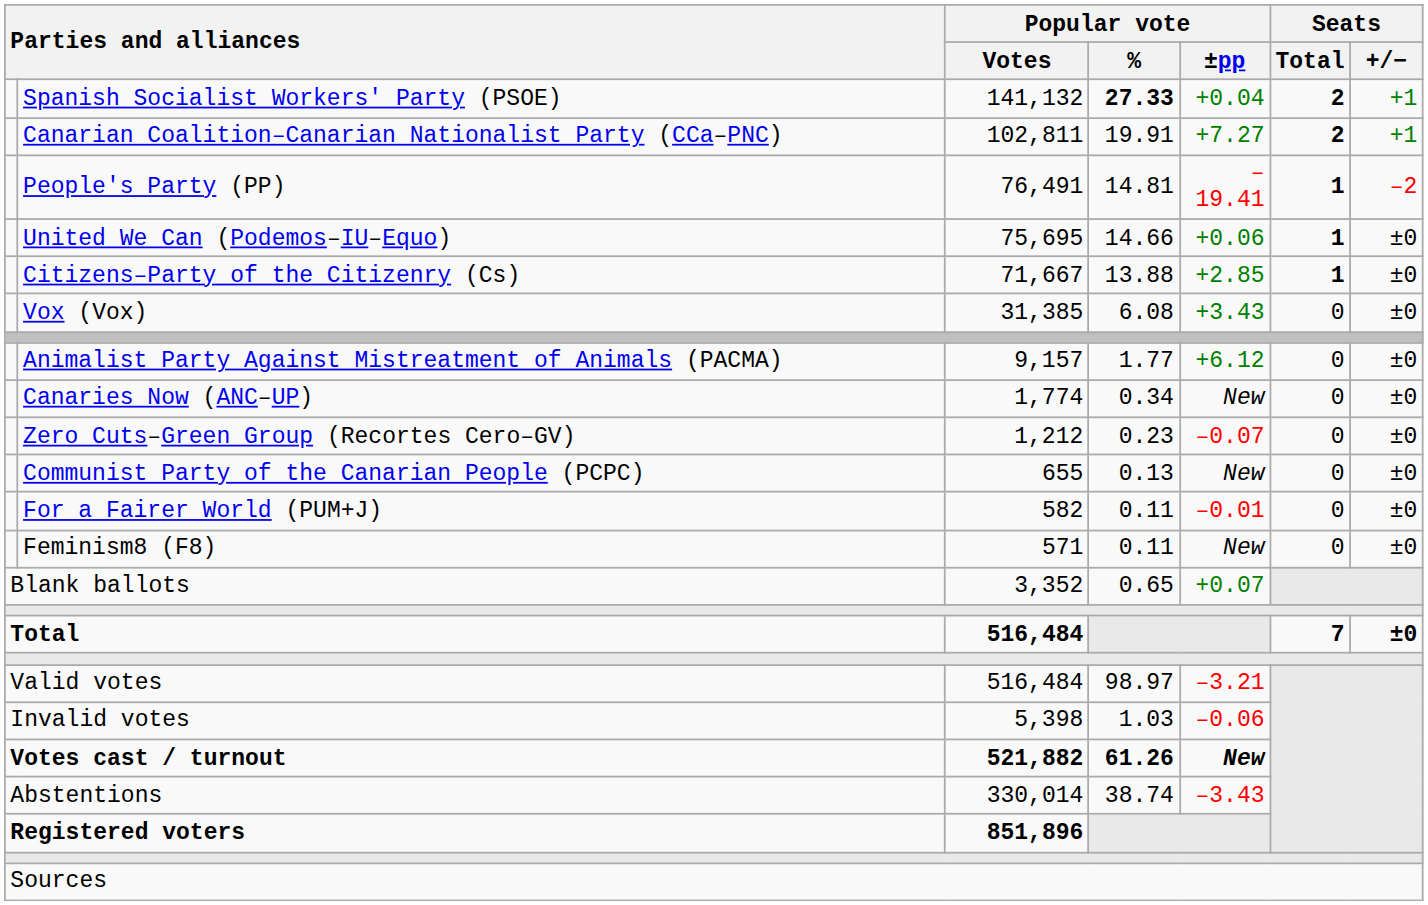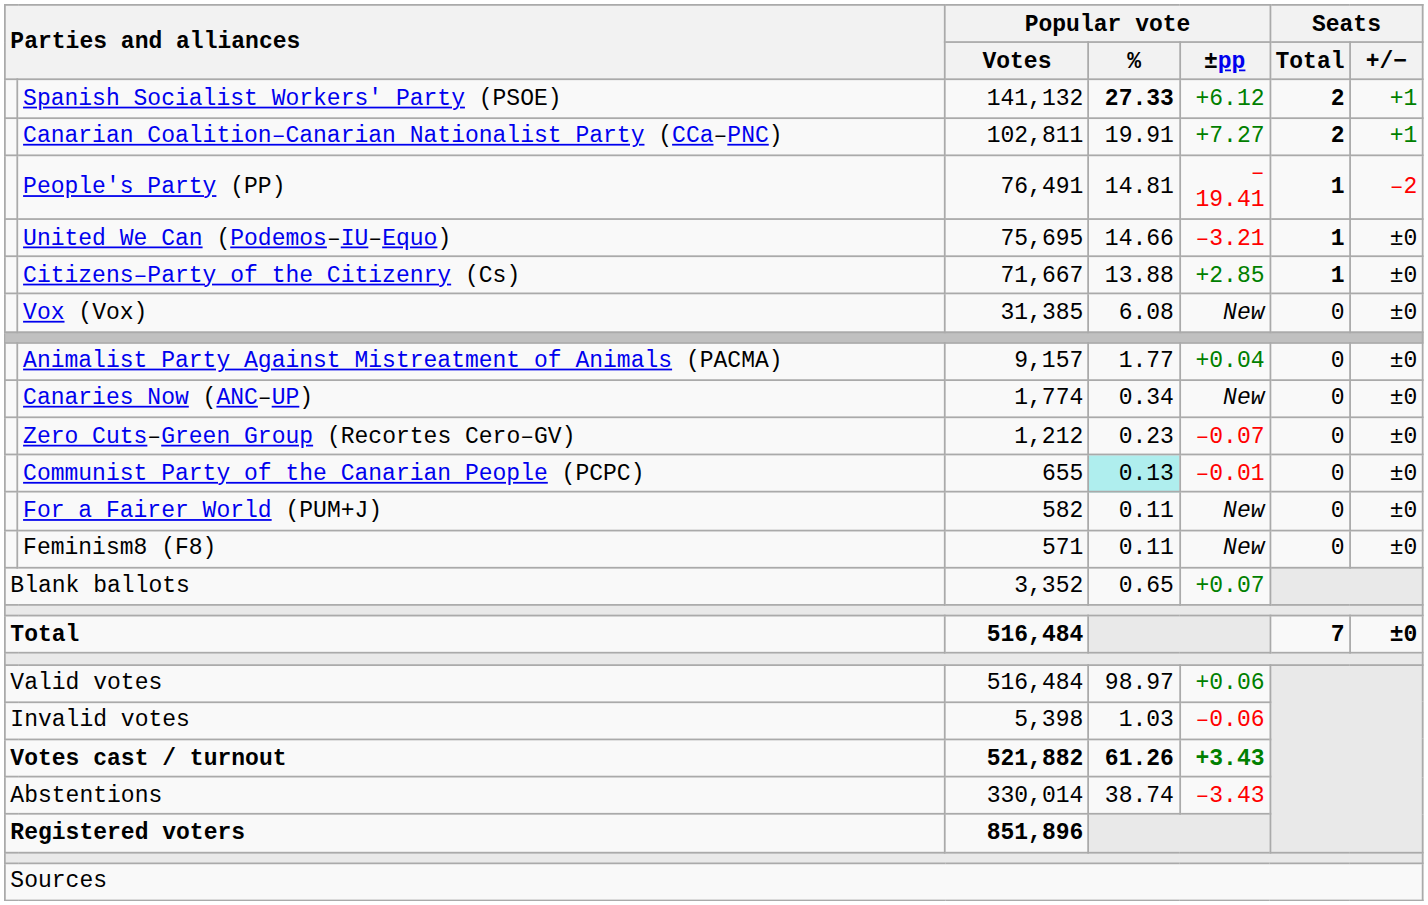 <table class="wikitable" style="text-align:right;">
 <tr>
 <th style="text-align:left;" rowspan="2" colspan="2" width="525">Parties and alliances</th>
 <th colspan="3">Popular vote</th>
 <th colspan="2">Seats</th>
 </tr>
 <tr>
 <th width="75">Votes</th>
 <th width="45">%</th>
 <th width="45">±<a href='#'>pp</a></th>
 <th width="35">Total</th>
 <th width="35">+/−</th>
 </tr>
 <tr>
 <td width="1" style="color:inherit;background:"></td>
 <td align="left"><a href='#'>Spanish Socialist Workers' Party</a> (PSOE)</td>
 <td>141,132</td>
 <td><strong>27.33</strong></td>
-<td style="color:green;">+0.04</td>
+<td style="color:green;">+6.12</td>
 <td><strong>2</strong></td>
 <td style="color:green;">+1</td>
 </tr>
 <tr>
 <td style="color:inherit;background:"></td>
 <td align="left"><a href='#'>Canarian Coalition–Canarian Nationalist Party</a> (<a href='#'>CCa</a>–<a href='#'>PNC</a>)</td>
 <td>102,811</td>
 <td>19.91</td>
 <td style="color:green;">+7.27</td>
 <td><strong>2</strong></td>
 <td style="color:green;">+1</td>
 </tr>
 <tr>
 <td style="color:inherit;background:"></td>
 <td align="left"><a href='#'>People's Party</a> (PP)</td>
 <td>76,491</td>
 <td>14.81</td>
 <td style="color:red;">–19.41</td>
 <td><strong>1</strong></td>
 <td style="color:red;">–2</td>
 </tr>
 <tr>
 <td style="color:inherit;background:"></td>
 <td align="left"><a href='#'>United We Can</a> (<a href='#'>Podemos</a>–<a href='#'>IU</a>–<a href='#'>Equo</a>)</td>
 <td>75,695</td>
 <td>14.66</td>
-<td style="color:green;">+0.06</td>
+<td style="color:red;">–3.21</td>
 <td><strong>1</strong></td>
 <td>±0</td>
 </tr>
 <tr>
 <td style="color:inherit;background:"></td>
 <td align="left"><a href='#'>Citizens–Party of the Citizenry</a> (Cs)</td>
 <td>71,667</td>
 <td>13.88</td>
 <td style="color:green;">+2.85</td>
 <td><strong>1</strong></td>
 <td>±0</td>
 </tr>
 <tr>
 <td style="color:inherit;background:"></td>
 <td align="left"><a href='#'>Vox</a> (Vox)</td>
 <td>31,385</td>
 <td>6.08</td>
-<td style="color:green;">+3.43</td>
+<td><em>New</em></td>
 <td>0</td>
 <td>±0</td>
 </tr>
 <tr>
 <td colspan="7" bgcolor="#C0C0C0"></td>
 </tr>
 <tr>
 <td style="color:inherit;background:"></td>
 <td align="left"><a href='#'>Animalist Party Against Mistreatment of Animals</a> (PACMA)</td>
 <td>9,157</td>
 <td>1.77</td>
-<td style="color:green;">+6.12</td>
+<td style="color:green;">+0.04</td>
 <td>0</td>
 <td>±0</td>
 </tr>
 <tr>
 <td style="color:inherit;background:"></td>
 <td align="left"><a href='#'>Canaries Now</a> (<a href='#'>ANC</a>–<a href='#'>UP</a>)</td>
 <td>1,774</td>
 <td>0.34</td>
 <td><em>New</em></td>
 <td>0</td>
 <td>±0</td>
 </tr>
 <tr>
 <td style="color:inherit;background:"></td>
 <td align="left"><a href='#'>Zero Cuts</a>–<a href='#'>Green Group</a> (Recortes Cero–GV)</td>
 <td>1,212</td>
 <td>0.23</td>
 <td style="color:red;">–0.07</td>
 <td>0</td>
 <td>±0</td>
 </tr>
 <tr>
 <td style="color:inherit;background:"></td>
 <td align="left"><a href='#'>Communist Party of the Canarian People</a> (PCPC)</td>
 <td>655</td>
-<td>0.13</td>
-<td><em>New</em></td>
+<td style="background: paleturquoise;">0.13</td>
+<td style="color:red;">–0.01</td>
 <td>0</td>
 <td>±0</td>
 </tr>
 <tr>
 <td style="color:inherit;background:"></td>
 <td align="left"><a href='#'>For a Fairer World</a> (PUM+J)</td>
 <td>582</td>
 <td>0.11</td>
-<td style="color:red;">–0.01</td>
+<td><em>New</em></td>
 <td>0</td>
 <td>±0</td>
 </tr>
 <tr>
 <td style="color:inherit;background:"></td>
 <td align="left">Feminism8 (F8)</td>
 <td>571</td>
 <td>0.11</td>
 <td><em>New</em></td>
 <td>0</td>
 <td>±0</td>
 </tr>
 <tr>
 <td align="left" colspan="2">Blank ballots</td>
 <td>3,352</td>
 <td>0.65</td>
 <td style="color:green;">+0.07</td>
 <td bgcolor="#E9E9E9" colspan="2"></td>
 </tr>
 <tr>
 <td colspan="7" bgcolor="#E9E9E9"></td>
 </tr>
 <tr style="font-weight:bold;">
 <td align="left" colspan="2">Total</td>
 <td>516,484</td>
 <td bgcolor="#E9E9E9" colspan="2"></td>
 <td>7</td>
 <td>±0</td>
 </tr>
 <tr>
 <td colspan="7" bgcolor="#E9E9E9"></td>
 </tr>
 <tr>
 <td align="left" colspan="2">Valid votes</td>
 <td>516,484</td>
 <td>98.97</td>
-<td style="color:red;">–3.21</td>
+<td style="color:green;">+0.06</td>
 <td bgcolor="#E9E9E9" colspan="2" rowspan="5"></td>
 </tr>
 <tr>
 <td align="left" colspan="2">Invalid votes</td>
 <td>5,398</td>
 <td>1.03</td>
 <td style="color:red;">–0.06</td>
 </tr>
 <tr style="font-weight:bold;">
 <td align="left" colspan="2">Votes cast / turnout</td>
 <td>521,882</td>
 <td>61.26</td>
-<td><em>New</em></td>
+<td style="color:green;">+3.43</td>
 </tr>
 <tr>
 <td align="left" colspan="2">Abstentions</td>
 <td>330,014</td>
 <td>38.74</td>
 <td style="color:red;">–3.43</td>
 </tr>
 <tr style="font-weight:bold;">
 <td align="left" colspan="2">Registered voters</td>
 <td>851,896</td>
 <td bgcolor="#E9E9E9" colspan="2"></td>
 </tr>
 <tr>
 <td colspan="7" bgcolor="#E9E9E9"></td>
 </tr>
 <tr>
 <td align="left" colspan="7">Sources</td>
 </tr>
 </table>
